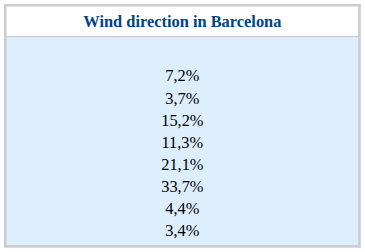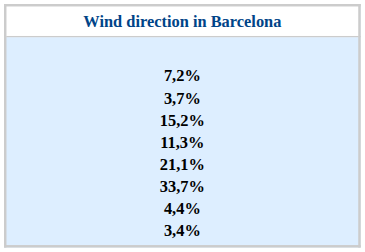 <table class="wikitable" style="text-align:center; margin:1em auto; background: #def; border:2px solid #ccc; width: 290px; font-size: 16px;">
 <tr>
 <th style="background: white; border: #ccc 1px solid; color: #048; text-align:center;"><small>Wind direction in Barcelona</small></th>
 </tr>
 <tr>
-<td><div><div></div><br><div><small>7,2%</small></div> <div><div><small>3,7%</small></div></div> <div><div><small>15,2%</small></div></div> <div><div><small>11,3%</small></div></div> <div><small>21,1%</small></div> <div><div><small>33,7%</small></div></div> <div><div><small>4,4%</small></div></div> <div><div><small>3,4%</small></div></div> </div></td>
+<td><strong><div><div></div><br><div><small>7,2%</small></div> <div><div><small>3,7%</small></div></div> <div><div><small>15,2%</small></div></div> <div><div><small>11,3%</small></div></div> <div><small>21,1%</small></div> <div><div><small>33,7%</small></div></div> <div><div><small>4,4%</small></div></div> <div><div><small>3,4%</small></div></div> </div></strong></td>
 </tr>
 </table>
